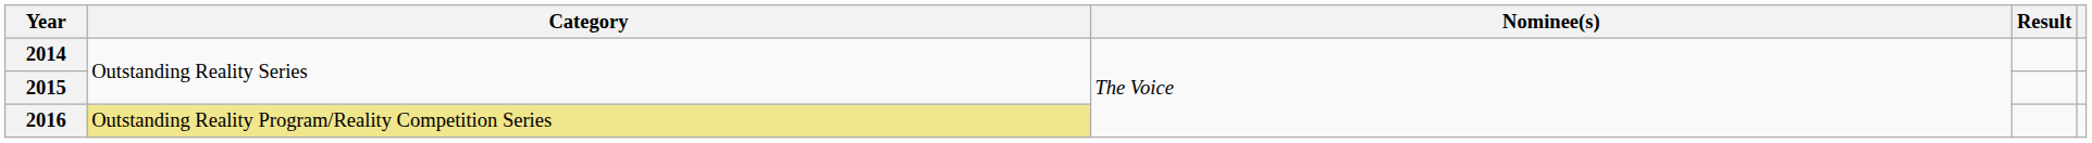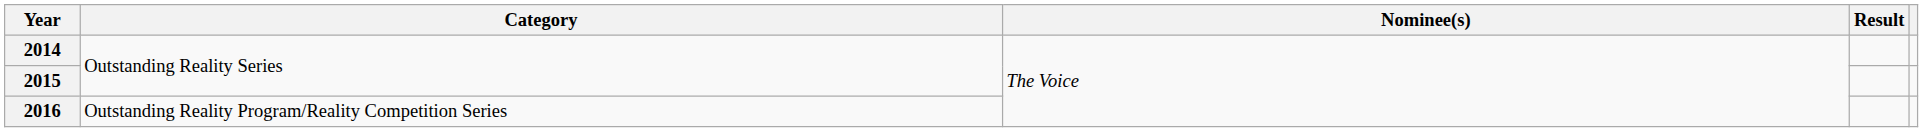 <table class="wikitable plainrowheaders" style="font-size: 95%">
 <tr>
 <th scope="col" style="width:4%;">Year</th>
 <th scope="col" style="width:50%;">Category</th>
 <th scope="col" style="width:50%;">Nominee(s)</th>
 <th scope="col" style="width:6%;">Result</th>
 <th scope="col" style="width:4%;"></th>
 </tr>
 <tr>
 <th scope="row">2014</th>
 <td rowspan="2">Outstanding Reality Series</td>
 <td rowspan="3"><em>The Voice</em></td>
 <td></td>
 <td style="text-align:center;"></td>
 </tr>
 <tr>
 <th scope="row">2015</th>
 <td></td>
 <td style="text-align:center;"></td>
 </tr>
 <tr>
 <th scope="row">2016</th>
-<td style="background: khaki;">Outstanding Reality Program/Reality Competition Series</td>
+<td>Outstanding Reality Program/Reality Competition Series</td>
 <td></td>
 <td style="text-align:center;"></td>
 </tr>
 </table>
